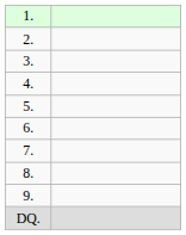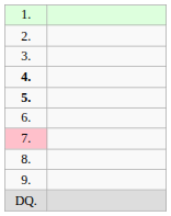 <table class="wikitable" style="text-align:center; width:200px;">
 <tr style="background:#dfd;">
 <td style="width:45px;">1.</td>
 <td style="padding-left:4px; text-align:left;"></td>
 </tr>
 <tr>
 <td>2.</td>
 <td style="padding-left:4px; text-align:left;"></td>
 </tr>
 <tr>
 <td>3.</td>
 <td style="padding-left:4px; text-align:left;"></td>
 </tr>
 <tr>
-<td>4.</td>
+<td><strong>4.</strong></td>
 <td style="padding-left:4px; text-align:left;"></td>
 </tr>
 <tr>
-<td>5.</td>
+<td><strong>5.</strong></td>
 <td style="padding-left:4px; text-align:left;"></td>
 </tr>
 <tr>
 <td>6.</td>
 <td style="padding-left:4px; text-align:left;"></td>
 </tr>
 <tr>
-<td>7.</td>
+<td style="background: pink;">7.</td>
 <td style="padding-left:4px; text-align:left;"></td>
 </tr>
 <tr>
 <td>8.</td>
 <td style="padding-left:4px; text-align:left;"></td>
 </tr>
 <tr>
 <td>9.</td>
 <td style="padding-left:4px; text-align:left;"></td>
 </tr>
 <tr style="background:#ddd;">
 <td>DQ.</td>
 <td style="padding-left:4px; text-align:left;"></td>
 </tr>
 </table>
